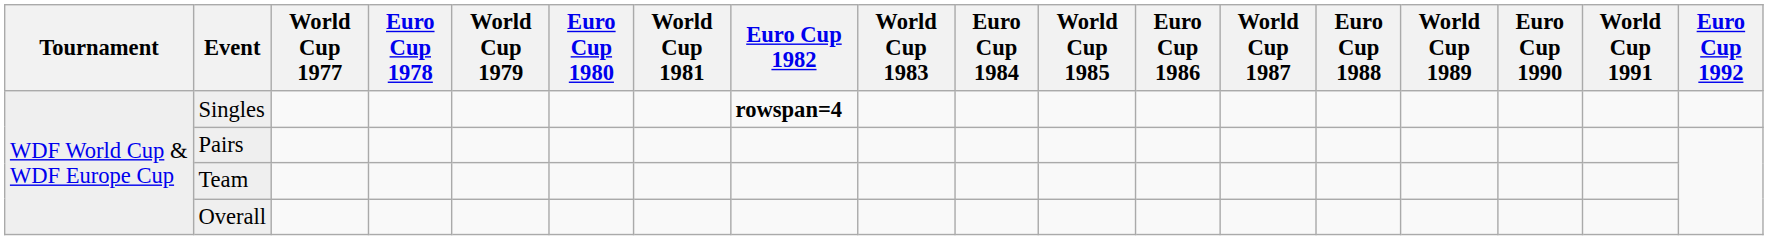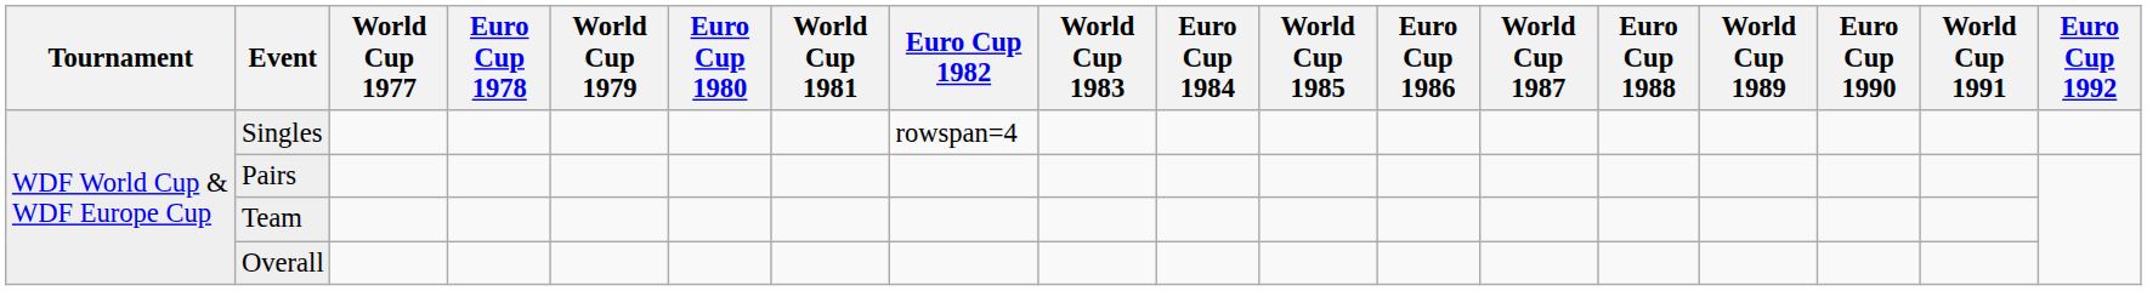 <table class="wikitable">
 <tr>
 <th>Tournament</th>
 <th>Event</th>
 <th>World Cup 1977</th>
 <th><a href='#'>Euro Cup 1978</a></th>
 <th>World Cup 1979</th>
 <th><a href='#'>Euro Cup 1980</a></th>
 <th>World Cup 1981</th>
 <th><a href='#'>Euro Cup 1982</a></th>
 <th>World Cup 1983</th>
 <th>Euro Cup 1984</th>
 <th>World Cup 1985</th>
 <th>Euro Cup 1986</th>
 <th>World Cup 1987</th>
 <th>Euro Cup 1988</th>
 <th>World Cup 1989</th>
 <th>Euro Cup 1990</th>
 <th>World Cup 1991</th>
 <th><a href='#'>Euro Cup 1992</a></th>
 </tr>
 <tr>
 <td rowspan=4 style="background:#efefef;"><a href='#'>WDF World Cup</a> & <a href='#'>WDF Europe Cup</a></td>
 <td style="background:#efefef;">Singles</td>
 <td></td>
 <td></td>
 <td></td>
 <td></td>
 <td></td>
-<td><strong>rowspan=4 </strong></td>
+<td>rowspan=4 </td>
 <td></td>
 <td></td>
 <td></td>
 <td></td>
 <td></td>
 <td></td>
 <td></td>
 <td></td>
 <td></td>
 <td></td>
 </tr>
 <tr>
 <td style="background:#efefef;">Pairs</td>
 <td></td>
 <td></td>
 <td></td>
 <td></td>
 <td></td>
 <td></td>
 <td></td>
 <td></td>
 <td></td>
 <td></td>
 <td></td>
 <td></td>
 <td></td>
 <td></td>
 <td></td>
 </tr>
 <tr>
 <td style="background:#efefef;">Team</td>
 <td></td>
 <td></td>
 <td></td>
 <td></td>
 <td></td>
 <td></td>
 <td></td>
 <td></td>
 <td></td>
 <td></td>
 <td></td>
 <td></td>
 <td></td>
 <td></td>
 <td></td>
 </tr>
 <tr>
 <td style="background:#efefef;">Overall</td>
 <td></td>
 <td></td>
 <td></td>
 <td></td>
 <td></td>
 <td></td>
 <td></td>
 <td></td>
 <td></td>
 <td></td>
 <td></td>
 <td></td>
 <td></td>
 <td></td>
 <td></td>
 </tr>
 </table>
